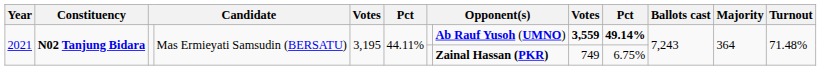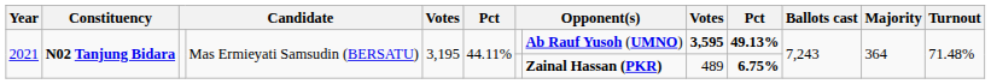 <table class="wikitable" style="margin:0.5em ; font-size:95%">
 <tr>
 <th>Year</th>
 <th>Constituency</th>
 <th colspan=2>Candidate</th>
 <th>Votes</th>
 <th>Pct</th>
 <th colspan=2>Opponent(s)</th>
 <th>Votes</th>
 <th>Pct</th>
 <th>Ballots cast</th>
 <th>Majority</th>
 <th>Turnout</th>
 </tr>
 <tr>
 <td rowspan=2><a href='#'>2021</a></td>
 <td rowspan=2><strong>N02 <a href='#'>Tanjung Bidara</a></strong></td>
 <td rowspan=2 bgcolor=></td>
 <td rowspan=2>Mas Ermieyati Samsudin (<a href='#'>BERSATU</a>)</td>
 <td rowspan=2 align="right">3,195</td>
 <td rowspan=2>44.11%</td>
 <td></td>
 <td><strong><a href='#'>Ab Rauf Yusoh</a></strong> (<a href='#'><strong>UMNO</strong></a>)</td>
-<td align="right"><strong>3,559</strong></td>
-<td><strong>49.14%</strong></td>
+<td align="right"><strong>3,595</strong></td>
+<td><strong>49.13%</strong></td>
 <td rowspan=2>7,243</td>
 <td rowspan=2>364</td>
 <td rowspan=2>71.48%</td>
 </tr>
 <tr>
 <td></td>
 <td><strong>Zainal Hassan (<a href='#'>PKR</a>)</strong></td>
-<td align="right">749</td>
-<td align="right">6.75%</td>
+<td align="right">489</td>
+<td align="right"><strong>6.75%</strong></td>
 </tr>
 </table>
